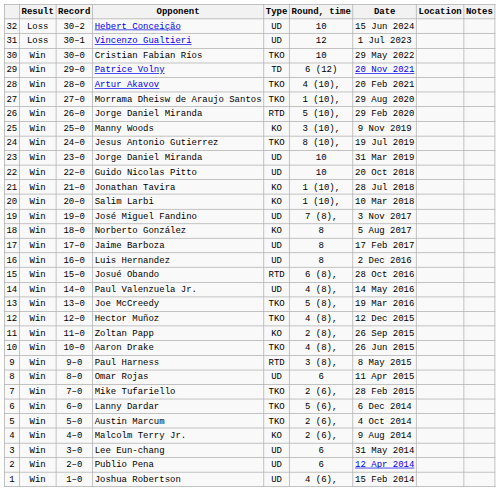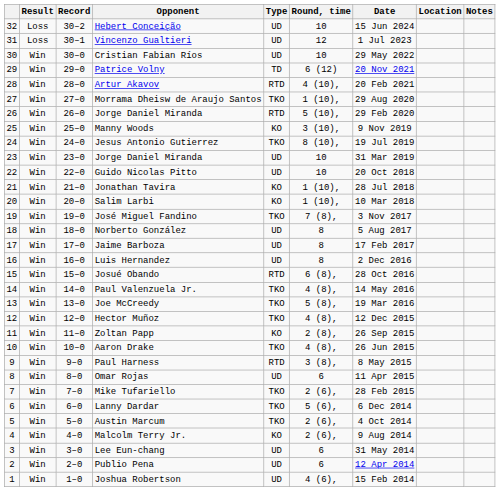 <table class="wikitable" style="text-align:center">
 <tr>
 <th></th>
 <th>Result</th>
 <th>Record</th>
 <th>Opponent</th>
 <th>Type</th>
 <th>Round, time</th>
 <th>Date</th>
 <th>Location</th>
 <th>Notes</th>
 </tr>
 <tr>
 <td>32</td>
 <td>Loss</td>
 <td>30–2</td>
 <td style="text-align:left;"><a href='#'>Hebert Conceição</a></td>
 <td>UD</td>
 <td>10</td>
 <td>15 Jun 2024</td>
 <td style="text-align:left;"></td>
 <td style="text-align:left;"></td>
 </tr>
 <tr>
 <td>31</td>
 <td>Loss</td>
 <td>30–1</td>
 <td style="text-align:left;"><a href='#'>Vincenzo Gualtieri</a></td>
 <td>UD</td>
 <td>12</td>
 <td>1 Jul 2023</td>
 <td style="text-align:left;"></td>
 <td style="text-align:left;"></td>
 </tr>
 <tr>
 <td>30</td>
 <td>Win</td>
 <td>30–0</td>
 <td style="text-align:left;">Cristian Fabian Ríos</td>
-<td>TKO</td>
+<td>UD</td>
 <td>10</td>
 <td>29 May 2022</td>
 <td style="text-align:left;"></td>
 <td></td>
 </tr>
 <tr>
 <td>29</td>
 <td>Win</td>
 <td>29–0</td>
 <td align=left><a href='#'>Patrice Volny</a></td>
 <td>TD</td>
 <td>6 (12) </td>
 <td><a href='#'>20 Nov 2021</a></td>
 <td align=left></td>
 <td></td>
 </tr>
 <tr>
 <td>28</td>
 <td>Win</td>
 <td>28–0</td>
 <td align=left><a href='#'>Artur Akavov</a></td>
-<td>TKO</td>
+<td>RTD</td>
 <td>4 (10), </td>
 <td>20 Feb 2021</td>
 <td align=left></td>
 <td></td>
 </tr>
 <tr>
 <td>27</td>
 <td>Win</td>
 <td>27–0</td>
 <td align=left>Morrama Dheisw de Araujo Santos</td>
 <td>TKO</td>
 <td>1 (10), </td>
 <td>29 Aug 2020</td>
 <td align=left></td>
 <td></td>
 </tr>
 <tr>
 <td>26</td>
 <td>Win</td>
 <td>26–0</td>
 <td align=left>Jorge Daniel Miranda</td>
 <td>RTD</td>
 <td>5 (10), </td>
 <td>29 Feb 2020</td>
 <td align=left></td>
 <td></td>
 </tr>
 <tr>
 <td>25</td>
 <td>Win</td>
 <td>25–0</td>
 <td align=left>Manny Woods</td>
 <td>KO</td>
 <td>3 (10), </td>
 <td>9 Nov 2019</td>
 <td align=left></td>
 <td></td>
 </tr>
 <tr>
 <td>24</td>
 <td>Win</td>
 <td>24–0</td>
 <td align=left>Jesus Antonio Gutierrez</td>
 <td>TKO</td>
 <td>8 (10), </td>
 <td>19 Jul 2019</td>
 <td align=left></td>
 <td></td>
 </tr>
 <tr>
 <td>23</td>
 <td>Win</td>
 <td>23–0</td>
 <td align=left>Jorge Daniel Miranda</td>
 <td>UD</td>
 <td>10</td>
 <td>31 Mar 2019</td>
 <td align=left></td>
 <td></td>
 </tr>
 <tr>
 <td>22</td>
 <td>Win</td>
 <td>22–0</td>
 <td align=left>Guido Nicolas Pitto</td>
 <td>UD</td>
 <td>10</td>
 <td>20 Oct 2018</td>
 <td align=left></td>
 <td></td>
 </tr>
 <tr>
 <td>21</td>
 <td>Win</td>
 <td>21–0</td>
 <td align=left>Jonathan Tavira</td>
 <td>KO</td>
 <td>1 (10), </td>
 <td>28 Jul 2018</td>
 <td align=left></td>
 <td></td>
 </tr>
 <tr>
 <td>20</td>
 <td>Win</td>
 <td>20–0</td>
 <td align=left>Salim Larbi</td>
 <td>KO</td>
 <td>1 (10), </td>
 <td>10 Mar 2018</td>
 <td align=left></td>
 <td></td>
 </tr>
 <tr>
 <td>19</td>
 <td>Win</td>
 <td>19–0</td>
 <td align=left>José Miguel Fandino</td>
-<td>UD</td>
+<td>TKO</td>
 <td>7 (8), </td>
 <td>3 Nov 2017</td>
 <td align=left></td>
 <td></td>
 </tr>
 <tr>
 <td>18</td>
 <td>Win</td>
 <td>18–0</td>
 <td align=left>Norberto González</td>
-<td>KO</td>
+<td>UD</td>
 <td>8</td>
 <td>5 Aug 2017</td>
 <td align=left></td>
 <td></td>
 </tr>
 <tr>
 <td>17</td>
 <td>Win</td>
 <td>17–0</td>
 <td align=left>Jaime Barboza</td>
 <td>UD</td>
 <td>8</td>
 <td>17 Feb 2017</td>
 <td align=left></td>
 <td></td>
 </tr>
 <tr>
 <td>16</td>
 <td>Win</td>
 <td>16–0</td>
 <td align=left>Luis Hernandez</td>
 <td>UD</td>
 <td>8</td>
 <td>2 Dec 2016</td>
 <td align=left></td>
 <td></td>
 </tr>
 <tr>
 <td>15</td>
 <td>Win</td>
 <td>15–0</td>
 <td align=left>Josué Obando</td>
 <td>RTD</td>
 <td>6 (8), </td>
 <td>28 Oct 2016</td>
 <td align=left></td>
 <td></td>
 </tr>
 <tr>
 <td>14</td>
 <td>Win</td>
 <td>14–0</td>
 <td align=left>Paul Valenzuela Jr.</td>
-<td>UD</td>
+<td>TKO</td>
 <td>4 (8), </td>
 <td>14 May 2016</td>
 <td align=left></td>
 <td></td>
 </tr>
 <tr>
 <td>13</td>
 <td>Win</td>
 <td>13–0</td>
 <td align=left>Joe McCreedy</td>
 <td>TKO</td>
 <td>5 (8), </td>
 <td>19 Mar 2016</td>
 <td align=left></td>
 <td></td>
 </tr>
 <tr>
 <td>12</td>
 <td>Win</td>
 <td>12–0</td>
 <td align=left>Hector Muñoz</td>
 <td>TKO</td>
 <td>4 (8), </td>
 <td>12 Dec 2015</td>
 <td align=left></td>
 <td></td>
 </tr>
 <tr>
 <td>11</td>
 <td>Win</td>
 <td>11–0</td>
 <td align=left>Zoltan Papp</td>
 <td>KO</td>
 <td>2 (8), </td>
 <td>26 Sep 2015</td>
 <td align=left></td>
 <td></td>
 </tr>
 <tr>
 <td>10</td>
 <td>Win</td>
 <td>10–0</td>
 <td align=left>Aaron Drake</td>
 <td>TKO</td>
 <td>4 (8), </td>
 <td>26 Jun 2015</td>
 <td align=left></td>
 <td></td>
 </tr>
 <tr>
 <td>9</td>
 <td>Win</td>
 <td>9–0</td>
 <td align=left>Paul Harness</td>
 <td>RTD</td>
 <td>3 (8), </td>
 <td>8 May 2015</td>
 <td align=left></td>
 <td></td>
 </tr>
 <tr>
 <td>8</td>
 <td>Win</td>
 <td>8–0</td>
 <td align=left>Omar Rojas</td>
 <td>UD</td>
 <td>6</td>
 <td>11 Apr 2015</td>
 <td align=left></td>
 <td></td>
 </tr>
 <tr>
 <td>7</td>
 <td>Win</td>
 <td>7–0</td>
 <td align=left>Mike Tufariello</td>
 <td>TKO</td>
 <td>2 (6), </td>
 <td>28 Feb 2015</td>
 <td align=left></td>
 <td></td>
 </tr>
 <tr>
 <td>6</td>
 <td>Win</td>
 <td>6–0</td>
 <td align=left>Lanny Dardar</td>
 <td>TKO</td>
 <td>5 (6), </td>
 <td>6 Dec 2014</td>
 <td align=left></td>
 <td></td>
 </tr>
 <tr>
 <td>5</td>
 <td>Win</td>
 <td>5–0</td>
 <td align=left>Austin Marcum</td>
 <td>TKO</td>
 <td>2 (6), </td>
 <td>4 Oct 2014</td>
 <td align=left></td>
 <td></td>
 </tr>
 <tr>
 <td>4</td>
 <td>Win</td>
 <td>4–0</td>
 <td align=left>Malcolm Terry Jr.</td>
 <td>KO</td>
 <td>2 (6), </td>
 <td>9 Aug 2014</td>
 <td align=left></td>
 <td></td>
 </tr>
 <tr>
 <td>3</td>
 <td>Win</td>
 <td>3–0</td>
 <td align=left>Lee Eun-chang</td>
 <td>UD</td>
 <td>6</td>
 <td>31 May 2014</td>
 <td align=left></td>
 <td></td>
 </tr>
 <tr>
 <td>2</td>
 <td>Win</td>
 <td>2–0</td>
 <td align=left>Publio Pena</td>
 <td>UD</td>
 <td>6</td>
 <td><a href='#'>12 Apr 2014</a></td>
 <td align=left></td>
 <td></td>
 </tr>
 <tr>
 <td>1</td>
 <td>Win</td>
 <td>1–0</td>
 <td align=left>Joshua Robertson</td>
 <td>UD</td>
 <td>4 (6), </td>
 <td>15 Feb 2014</td>
 <td align=left></td>
 <td></td>
 </tr>
 </table>
